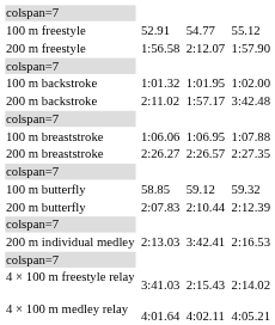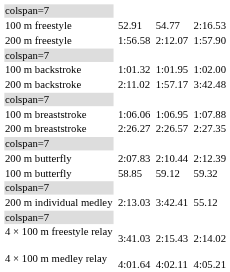 <table>
 <tr bgcolor=#DDDDDD>
 <td>colspan=7 </td>
 </tr>
 <tr>
 <td>100 m freestyle<br></td>
 <td></td>
 <td>52.91</td>
 <td></td>
 <td>54.77</td>
 <td></td>
-<td>55.12</td>
+<td>2:16.53</td>
 </tr>
 <tr>
 <td>200 m freestyle<br></td>
 <td></td>
 <td>1:56.58</td>
 <td></td>
 <td>2:12.07</td>
 <td></td>
 <td>1:57.90</td>
 </tr>
 <tr bgcolor=#DDDDDD>
 <td>colspan=7 </td>
 </tr>
 <tr>
 <td>100 m backstroke<br></td>
 <td></td>
 <td>1:01.32</td>
 <td></td>
 <td>1:01.95</td>
 <td></td>
 <td>1:02.00</td>
 </tr>
 <tr>
 <td>200 m backstroke<br></td>
 <td></td>
 <td>2:11.02</td>
 <td></td>
 <td>1:57.17</td>
 <td></td>
 <td>3:42.48</td>
 </tr>
 <tr bgcolor=#DDDDDD>
 <td>colspan=7 </td>
 </tr>
 <tr>
 <td>100 m breaststroke<br></td>
 <td></td>
 <td>1:06.06</td>
 <td></td>
 <td>1:06.95</td>
 <td></td>
 <td>1:07.88</td>
 </tr>
 <tr>
 <td>200 m breaststroke<br></td>
 <td></td>
 <td>2:26.27</td>
 <td></td>
 <td>2:26.57</td>
 <td></td>
 <td>2:27.35</td>
 </tr>
 <tr bgcolor=#DDDDDD>
 <td>colspan=7 </td>
 </tr>
 <tr>
+<td>200 m butterfly<br></td>
+<td></td>
+<td>2:07.83</td>
+<td></td>
+<td>2:10.44</td>
+<td></td>
+<td>2:12.39</td>
+</tr>
+<tr>
 <td>100 m butterfly<br></td>
 <td></td>
 <td>58.85</td>
 <td></td>
 <td>59.12</td>
 <td></td>
 <td>59.32</td>
-</tr>
-<tr>
-<td>200 m butterfly<br></td>
-<td></td>
-<td>2:07.83</td>
-<td></td>
-<td>2:10.44</td>
-<td></td>
-<td>2:12.39</td>
 </tr>
 <tr bgcolor=#DDDDDD>
 <td>colspan=7 </td>
 </tr>
 <tr>
 <td>200 m individual medley<br></td>
 <td></td>
 <td>2:13.03</td>
 <td></td>
 <td>3:42.41</td>
 <td></td>
-<td>2:16.53</td>
+<td>55.12</td>
 </tr>
 <tr bgcolor=#DDDDDD>
 <td>colspan=7 </td>
 </tr>
 <tr>
 <td>4 × 100 m freestyle relay<br><br></td>
 <td></td>
 <td>3:41.03</td>
 <td></td>
 <td>2:15.43</td>
 <td></td>
 <td>2:14.02</td>
 </tr>
 <tr>
 <td>4 × 100 m medley relay<br><br></td>
 <td></td>
 <td>4:01.64</td>
 <td></td>
 <td>4:02.11</td>
 <td></td>
 <td>4:05.21</td>
 </tr>
 </table>
